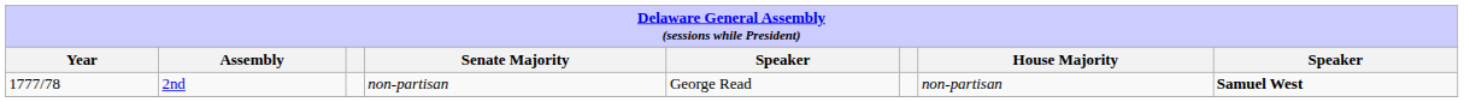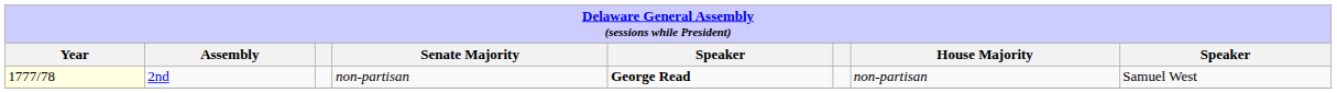 <table class=wikitable style="width: 94%" style="text-align: center;" align="center">
 <tr bgcolor=#cccccc>
 <th colspan=12 style="background: #ccccff;"><strong><a href='#'>Delaware General Assembly</a></strong> <br> <small><em>(sessions while President)</em></small></th>
 </tr>
 <tr>
 <th><strong>Year</strong></th>
 <th><strong>Assembly</strong></th>
 <th></th>
 <th><strong>Senate Majority</strong></th>
 <th><strong>Speaker</strong></th>
 <th></th>
 <th><strong>House Majority</strong></th>
 <th><strong>Speaker</strong></th>
 </tr>
 <tr>
-<td>1777/78</td>
+<td style="background: lightyellow;">1777/78</td>
 <td><a href='#'>2nd</a></td>
 <td></td>
 <td><em>non-partisan</em></td>
-<td>George Read</td>
+<td><strong>George Read</strong></td>
 <td></td>
 <td><em>non-partisan</em></td>
-<td><strong>Samuel West</strong></td>
+<td>Samuel West</td>
 </tr>
 <tr>
 </tr>
 </table>
